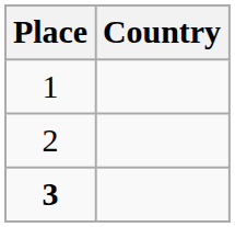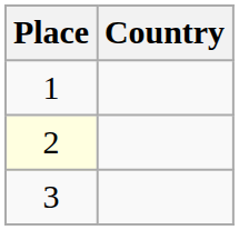 <table class="wikitable" style="font-size:95%;">
 <tr>
 <th>Place</th>
 <th>Country</th>
 </tr>
 <tr>
 <td align="center">1</td>
 <td></td>
 </tr>
 <tr>
-<td align="center">2</td>
+<td align="center" style="background: lightyellow;">2</td>
 <td></td>
 </tr>
 <tr>
-<td align="center"><strong>3</strong></td>
+<td align="center">3</td>
 <td></td>
 </tr>
 </table>
